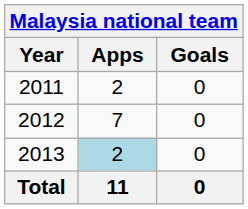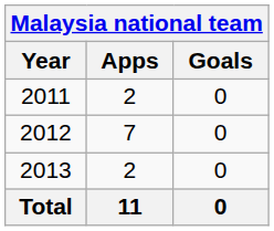 <table class="wikitable" style="text-align: center;">
 <tr>
 <th colspan="3"><a href='#'>Malaysia national team</a></th>
 </tr>
 <tr>
 <th>Year</th>
 <th>Apps</th>
 <th>Goals</th>
 </tr>
 <tr>
 <td>2011</td>
 <td>2</td>
 <td>0</td>
 </tr>
 <tr>
 <td>2012</td>
 <td>7</td>
 <td>0</td>
 </tr>
 <tr>
 <td>2013</td>
-<td style="background: lightblue;">2</td>
+<td>2</td>
 <td>0</td>
 </tr>
 <tr>
 <th>Total</th>
 <th>11</th>
 <th>0</th>
 </tr>
 </table>
